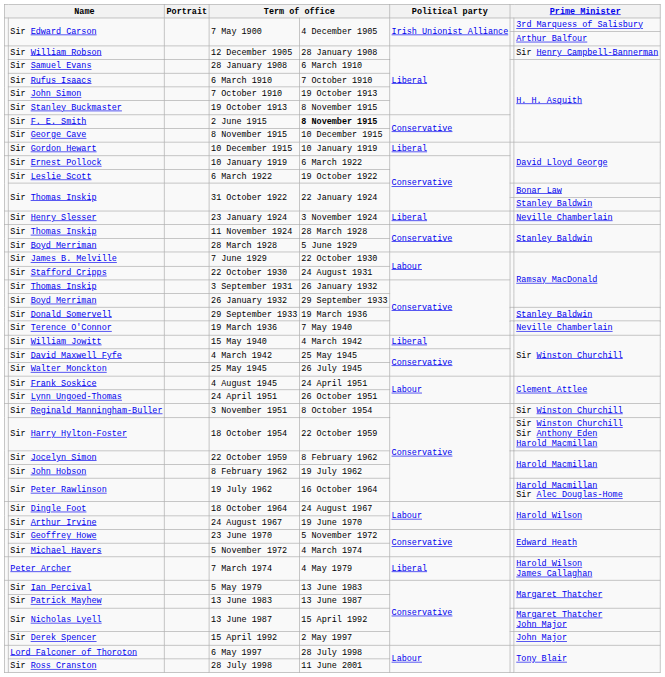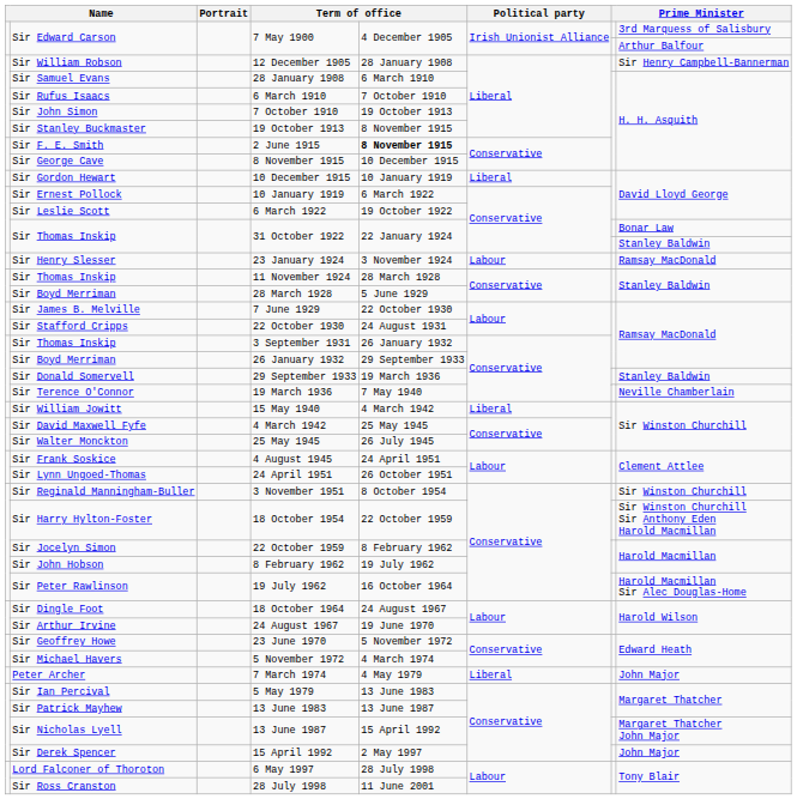 <table class="wikitable">
 <tr>
 <th colspan="2">Name</th>
 <th>Portrait</th>
 <th colspan="2">Term of office</th>
 <th>Political party</th>
 <th colspan="2"><a href='#'>Prime Minister</a></th>
 </tr>
 <tr>
 <td rowspan="2" style="background-color: "></td>
 <td rowspan="2">Sir <a href='#'>Edward Carson</a></td>
 <td rowspan="2"></td>
 <td rowspan="2">7 May 1900</td>
 <td rowspan="2">4 December 1905</td>
 <td rowspan="2"><a href='#'>Irish Unionist Alliance</a></td>
 <td rowspan="1" style="background-color: "></td>
 <td><a href='#'>3rd Marquess of Salisbury</a></td>
 </tr>
 <tr>
 <td rowspan="1" style="background-color: "></td>
 <td><a href='#'>Arthur Balfour</a></td>
 </tr>
 <tr>
 <td rowspan="6" style="background-color: "></td>
 <td>Sir <a href='#'>William Robson</a></td>
 <td></td>
 <td>12 December 1905</td>
 <td>28 January 1908</td>
 <td rowspan="6"><a href='#'>Liberal</a></td>
 <td rowspan="2" style="background-color: "></td>
 <td rowspan="2">Sir <a href='#'>Henry Campbell-Bannerman</a></td>
 </tr>
 <tr>
 <td rowspan="2">Sir <a href='#'>Samuel Evans</a></td>
 <td rowspan="2"></td>
 <td rowspan="2">28 January 1908</td>
 <td rowspan="2">6 March 1910</td>
 </tr>
 <tr>
 <td rowspan="6" style="background-color: "></td>
 <td rowspan="6"><a href='#'>H. H. Asquith</a></td>
 </tr>
 <tr>
 <td>Sir <a href='#'>Rufus Isaacs</a></td>
 <td></td>
 <td>6 March 1910</td>
 <td>7 October 1910</td>
 </tr>
 <tr>
 <td>Sir <a href='#'>John Simon</a></td>
 <td></td>
 <td>7 October 1910</td>
 <td>19 October 1913</td>
 </tr>
 <tr>
 <td>Sir <a href='#'>Stanley Buckmaster</a></td>
 <td></td>
 <td>19 October 1913</td>
 <td>8 November 1915</td>
 </tr>
 <tr>
 <td rowspan="2" style="background-color: "></td>
 <td>Sir <a href='#'>F. E. Smith</a></td>
 <td></td>
 <td>2 June 1915</td>
 <td><strong>8 November 1915</strong></td>
 <td rowspan="2"><a href='#'>Conservative</a></td>
 </tr>
 <tr>
 <td>Sir <a href='#'>George Cave</a></td>
 <td></td>
 <td>8 November 1915</td>
 <td>10 December 1915</td>
 </tr>
 <tr>
 <td rowspan="1" style="background-color: "></td>
 <td>Sir <a href='#'>Gordon Hewart</a></td>
 <td></td>
 <td>10 December 1915</td>
 <td>10 January 1919</td>
 <td><a href='#'>Liberal</a></td>
 <td rowspan="3" style="background-color: "></td>
 <td rowspan="3"><a href='#'>David Lloyd George</a></td>
 </tr>
 <tr>
 <td rowspan="4" style="background-color: "></td>
 <td>Sir <a href='#'>Ernest Pollock</a></td>
 <td></td>
 <td>10 January 1919</td>
 <td>6 March 1922</td>
 <td rowspan="4"><a href='#'>Conservative</a></td>
 </tr>
 <tr>
 <td>Sir <a href='#'>Leslie Scott</a></td>
 <td></td>
 <td>6 March 1922</td>
 <td>19 October 1922</td>
 </tr>
 <tr>
 <td rowspan="2">Sir <a href='#'>Thomas Inskip</a></td>
 <td rowspan="2"></td>
 <td rowspan="2">31 October 1922</td>
 <td rowspan="2">22 January 1924</td>
 <td rowspan="1" style="background-color: "></td>
 <td><a href='#'>Bonar Law</a></td>
 </tr>
 <tr>
 <td rowspan="1" style="background-color: "></td>
 <td><a href='#'>Stanley Baldwin</a></td>
 </tr>
 <tr>
 <td rowspan="1" style="background-color: "></td>
 <td>Sir <a href='#'>Henry Slesser</a></td>
 <td></td>
 <td>23 January 1924</td>
 <td>3 November 1924</td>
-<td><a href='#'>Liberal</a></td>
+<td><a href='#'>Labour</a></td>
 <td rowspan="1" style="background-color: "></td>
-<td><a href='#'>Neville Chamberlain</a></td>
+<td><a href='#'>Ramsay MacDonald</a></td>
 </tr>
 <tr>
 <td rowspan="2" style="background-color: "></td>
 <td>Sir <a href='#'>Thomas Inskip</a></td>
 <td></td>
 <td>11 November 1924</td>
 <td>28 March 1928</td>
 <td rowspan="2"><a href='#'>Conservative</a></td>
 <td rowspan="2" style="background-color: "></td>
 <td rowspan="2"><a href='#'>Stanley Baldwin</a></td>
 </tr>
 <tr>
 <td>Sir <a href='#'>Boyd Merriman</a></td>
 <td></td>
 <td>28 March 1928</td>
 <td>5 June 1929</td>
 </tr>
 <tr>
 <td rowspan="2" style="background-color: "></td>
 <td>Sir <a href='#'>James B. Melville</a></td>
 <td></td>
 <td>7 June 1929</td>
 <td>22 October 1930</td>
 <td rowspan="2"><a href='#'>Labour</a></td>
 <td rowspan="5" style="background-color: "></td>
 <td rowspan="5"><a href='#'>Ramsay MacDonald</a></td>
 </tr>
 <tr>
 <td>Sir <a href='#'>Stafford Cripps</a></td>
 <td></td>
 <td>22 October 1930</td>
 <td>24 August 1931</td>
 </tr>
 <tr>
 <td rowspan="6" style="background-color: "></td>
 <td>Sir <a href='#'>Thomas Inskip</a></td>
 <td></td>
 <td>3 September 1931</td>
 <td>26 January 1932</td>
 <td rowspan="6"><a href='#'>Conservative</a></td>
 </tr>
 <tr>
 <td>Sir <a href='#'>Boyd Merriman</a></td>
 <td></td>
 <td>26 January 1932</td>
 <td>29 September 1933</td>
 </tr>
 <tr>
 <td rowspan="2">Sir <a href='#'>Donald Somervell</a></td>
 <td rowspan="2"></td>
 <td rowspan="2">29 September 1933</td>
 <td rowspan="2">19 March 1936</td>
 </tr>
 <tr>
 <td rowspan="2" style="background-color: "></td>
 <td rowspan="2"><a href='#'>Stanley Baldwin</a></td>
 </tr>
 <tr>
 <td rowspan="2">Sir <a href='#'>Terence O'Connor</a></td>
 <td rowspan="2"></td>
 <td rowspan="2">19 March 1936</td>
 <td rowspan="2">7 May 1940</td>
 </tr>
 <tr>
 <td rowspan="1" style="background-color: "></td>
 <td><a href='#'>Neville Chamberlain</a></td>
 </tr>
 <tr>
 <td rowspan="1" style="background-color: "></td>
 <td>Sir <a href='#'>William Jowitt</a></td>
 <td></td>
 <td>15 May 1940</td>
 <td>4 March 1942</td>
 <td><a href='#'>Liberal</a></td>
 <td rowspan="3" style="background-color: "></td>
 <td rowspan="3">Sir <a href='#'>Winston Churchill</a></td>
 </tr>
 <tr>
 <td rowspan="2" style="background-color: "></td>
 <td>Sir <a href='#'>David Maxwell Fyfe</a></td>
 <td></td>
 <td>4 March 1942</td>
 <td>25 May 1945</td>
 <td rowspan="2"><a href='#'>Conservative</a></td>
 </tr>
 <tr>
 <td>Sir <a href='#'>Walter Monckton</a></td>
 <td></td>
 <td>25 May 1945</td>
 <td>26 July 1945</td>
 </tr>
 <tr>
 <td rowspan="2" style="background-color: "></td>
 <td>Sir <a href='#'>Frank Soskice</a></td>
 <td></td>
 <td>4 August 1945</td>
 <td>24 April 1951</td>
 <td rowspan="2"><a href='#'>Labour</a></td>
 <td rowspan="2" style="background-color: "></td>
 <td rowspan="2"><a href='#'>Clement Attlee</a></td>
 </tr>
 <tr>
 <td>Sir <a href='#'>Lynn Ungoed-Thomas</a></td>
 <td></td>
 <td>24 April 1951</td>
 <td>26 October 1951</td>
 </tr>
 <tr>
 <td rowspan="7" style="background-color: "></td>
 <td>Sir <a href='#'>Reginald Manningham-Buller</a></td>
 <td></td>
 <td>3 November 1951</td>
 <td>8 October 1954</td>
 <td rowspan="7"><a href='#'>Conservative</a></td>
 <td rowspan="2" style="background-color: "></td>
 <td rowspan="2">Sir <a href='#'>Winston Churchill</a></td>
 </tr>
 <tr>
 <td rowspan="3">Sir <a href='#'>Harry Hylton-Foster</a></td>
 <td rowspan="3"></td>
 <td rowspan="3">18 October 1954</td>
 <td rowspan="3">22 October 1959</td>
 </tr>
 <tr>
 <td rowspan="1" style="background-color: "></td>
 <td>Sir <a href='#'>Winston Churchill</a><br>Sir <a href='#'>Anthony Eden</a><br><a href='#'>Harold Macmillan</a></td>
 </tr>
 <tr>
 <td rowspan="3" style="background-color: "></td>
 <td rowspan="3"><a href='#'>Harold Macmillan</a></td>
 </tr>
 <tr>
 <td>Sir <a href='#'>Jocelyn Simon</a></td>
 <td></td>
 <td>22 October 1959</td>
 <td>8 February 1962</td>
 </tr>
 <tr>
 <td>Sir <a href='#'>John Hobson</a></td>
 <td></td>
 <td>8 February 1962</td>
 <td>19 July 1962</td>
 </tr>
 <tr>
 <td>Sir <a href='#'>Peter Rawlinson</a></td>
 <td></td>
 <td>19 July 1962</td>
 <td>16 October 1964</td>
 <td rowspan="1" style="background-color: "></td>
 <td><a href='#'>Harold Macmillan</a><br>Sir <a href='#'>Alec Douglas-Home</a></td>
 </tr>
 <tr>
 <td rowspan="2" style="background-color: "></td>
 <td>Sir <a href='#'>Dingle Foot</a></td>
 <td></td>
 <td>18 October 1964</td>
 <td>24 August 1967</td>
 <td rowspan="2"><a href='#'>Labour</a></td>
 <td rowspan="2" style="background-color: "></td>
 <td rowspan="2"><a href='#'>Harold Wilson</a></td>
 </tr>
 <tr>
 <td>Sir <a href='#'>Arthur Irvine</a></td>
 <td></td>
 <td>24 August 1967</td>
 <td>19 June 1970</td>
 </tr>
 <tr>
 <td rowspan="2" style="background-color: "></td>
 <td>Sir <a href='#'>Geoffrey Howe</a></td>
 <td></td>
 <td>23 June 1970</td>
 <td>5 November 1972</td>
 <td rowspan="2"><a href='#'>Conservative</a></td>
 <td rowspan="2" style="background-color: "></td>
 <td rowspan="2"><a href='#'>Edward Heath</a></td>
 </tr>
 <tr>
 <td>Sir <a href='#'>Michael Havers</a></td>
 <td></td>
 <td>5 November 1972</td>
 <td>4 March 1974</td>
 </tr>
 <tr>
 <td rowspan="1" style="background-color: "></td>
 <td><a href='#'>Peter Archer</a></td>
 <td></td>
 <td>7 March 1974</td>
 <td>4 May 1979</td>
 <td><a href='#'>Liberal</a></td>
 <td rowspan="1" style="background-color: "></td>
-<td><a href='#'>Harold Wilson</a><br><a href='#'>James Callaghan</a></td>
+<td><a href='#'>John Major</a></td>
 </tr>
 <tr>
 <td rowspan="4" style="background-color: "></td>
 <td>Sir <a href='#'>Ian Percival</a></td>
 <td></td>
 <td>5 May 1979</td>
 <td>13 June 1983</td>
 <td rowspan="4"><a href='#'>Conservative</a></td>
 <td rowspan="2" style="background-color: "></td>
 <td rowspan="2"><a href='#'>Margaret Thatcher</a></td>
 </tr>
 <tr>
 <td>Sir <a href='#'>Patrick Mayhew</a></td>
 <td></td>
 <td>13 June 1983</td>
 <td>13 June 1987</td>
 </tr>
 <tr>
 <td>Sir <a href='#'>Nicholas Lyell</a></td>
 <td></td>
 <td>13 June 1987</td>
 <td>15 April 1992</td>
 <td rowspan="1" style="background-color: "></td>
 <td><a href='#'>Margaret Thatcher</a><br><a href='#'>John Major</a></td>
 </tr>
 <tr>
 <td>Sir <a href='#'>Derek Spencer</a></td>
 <td></td>
 <td>15 April 1992</td>
 <td>2 May 1997</td>
 <td rowspan="1" style="background-color: "></td>
 <td><a href='#'>John Major</a></td>
 </tr>
 <tr>
 <td rowspan="2" style="background-color: "></td>
 <td><a href='#'>Lord Falconer of Thoroton</a></td>
 <td></td>
 <td>6 May 1997</td>
 <td>28 July 1998</td>
 <td rowspan="2"><a href='#'>Labour</a></td>
 <td rowspan="2" style="background-color: "></td>
 <td rowspan="2"><a href='#'>Tony Blair</a></td>
 </tr>
 <tr>
 <td>Sir <a href='#'>Ross Cranston</a></td>
 <td></td>
 <td>28 July 1998</td>
 <td>11 June 2001</td>
 </tr>
 </table>
